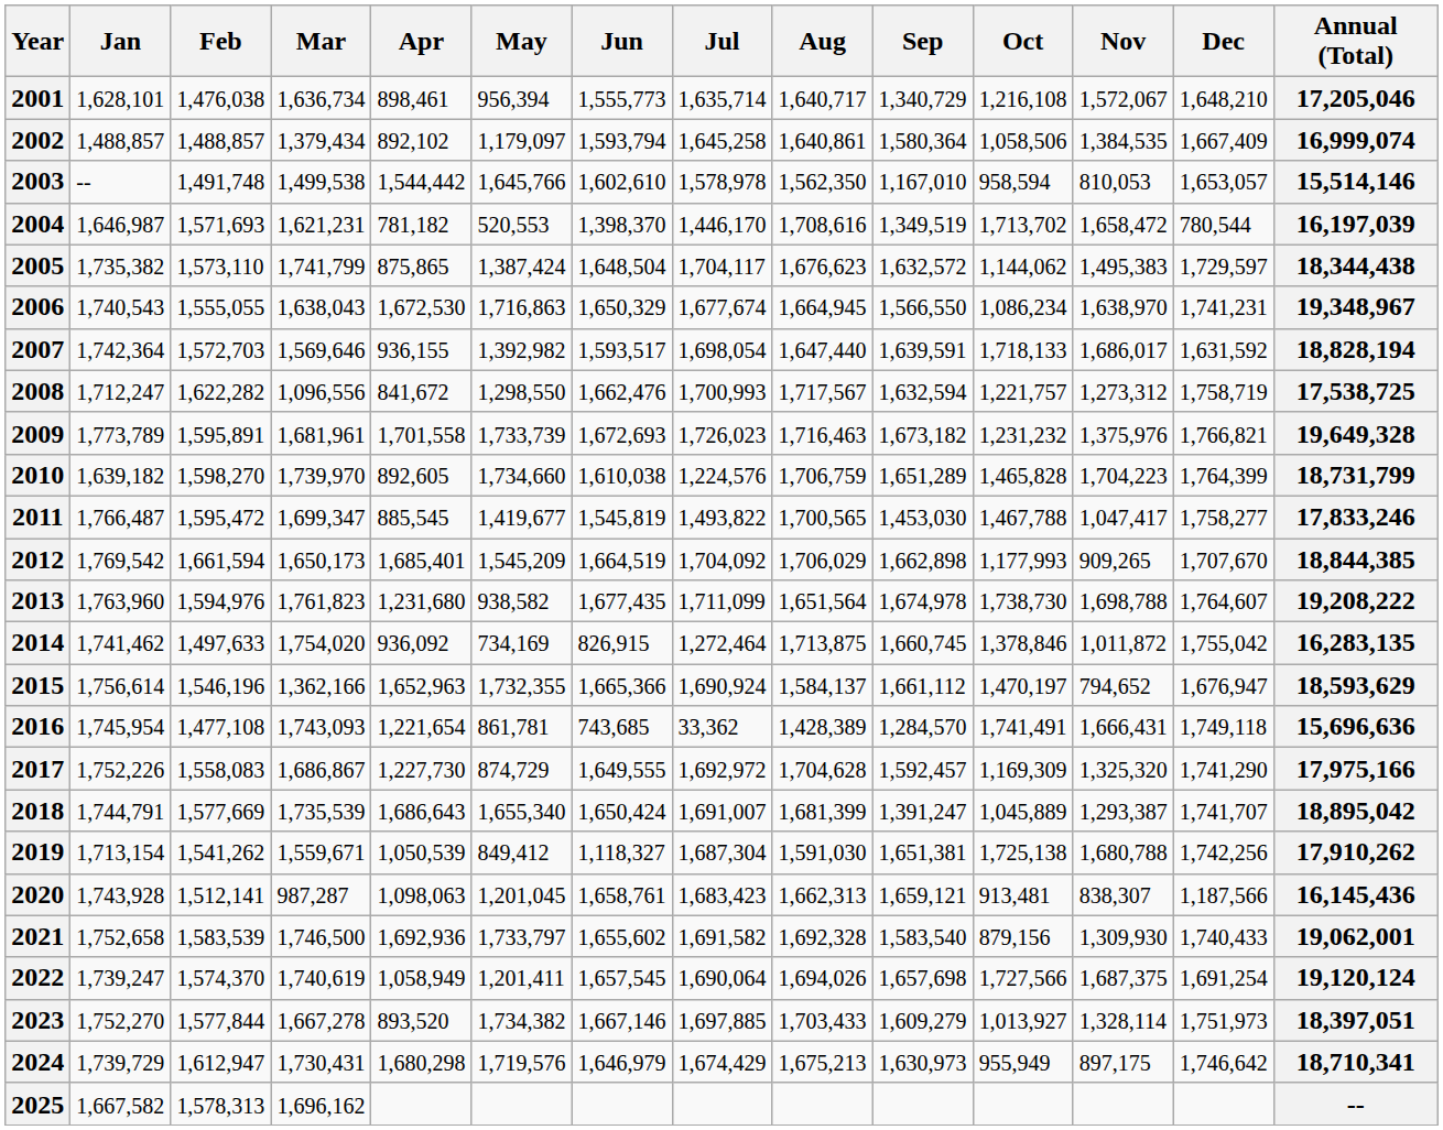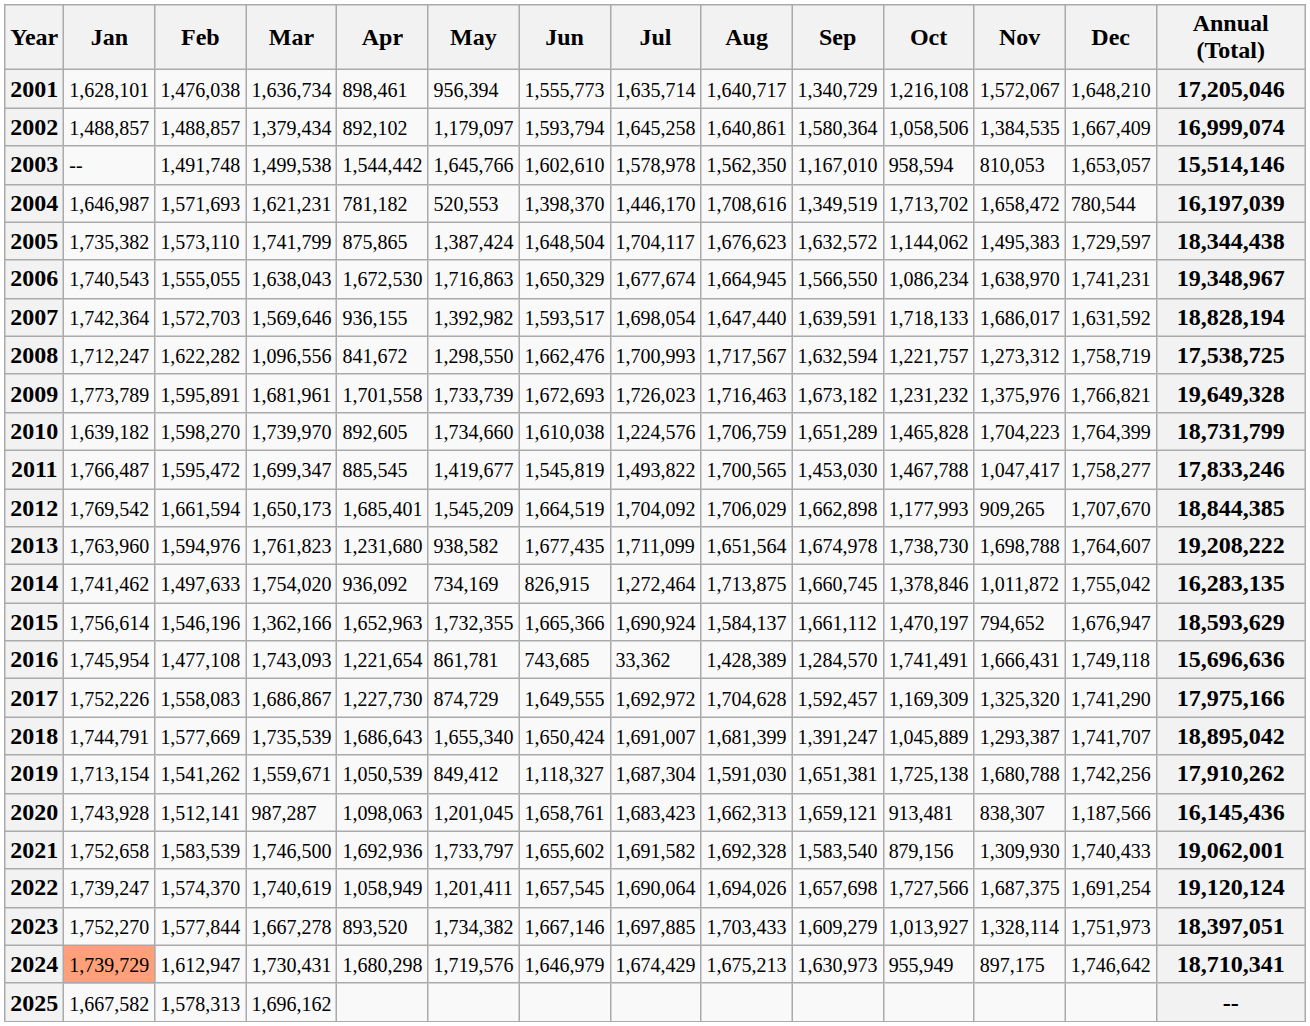 <table class="wikitable">
 <tr>
 <th>Year</th>
 <th>Jan</th>
 <th>Feb</th>
 <th>Mar</th>
 <th>Apr</th>
 <th>May</th>
 <th>Jun</th>
 <th>Jul</th>
 <th>Aug</th>
 <th>Sep</th>
 <th>Oct</th>
 <th>Nov</th>
 <th>Dec</th>
 <th>Annual (Total)</th>
 </tr>
 <tr>
 <th>2001</th>
 <td><small>1,628,101</small></td>
 <td><small>1,476,038</small></td>
 <td><small>1,636,734</small></td>
 <td><small>898,461</small></td>
 <td><small>956,394</small></td>
 <td><small>1,555,773</small></td>
 <td><small>1,635,714</small></td>
 <td><small>1,640,717</small></td>
 <td><small>1,340,729</small></td>
 <td><small>1,216,108</small></td>
 <td><small>1,572,067</small></td>
 <td><small>1,648,210</small></td>
 <th>17,205,046</th>
 </tr>
 <tr>
 <th>2002</th>
 <td><small>1,488,857</small></td>
 <td><small>1,488,857</small></td>
 <td><small>1,379,434</small></td>
 <td><small>892,102</small></td>
 <td><small>1,179,097</small></td>
 <td><small>1,593,794</small></td>
 <td><small>1,645,258</small></td>
 <td><small>1,640,861</small></td>
 <td><small>1,580,364</small></td>
 <td><small>1,058,506</small></td>
 <td><small>1,384,535</small></td>
 <td><small>1,667,409</small></td>
 <th>16,999,074</th>
 </tr>
 <tr>
 <th>2003</th>
 <td><small>--</small></td>
 <td><small>1,491,748</small></td>
 <td><small>1,499,538</small></td>
 <td><small>1,544,442</small></td>
 <td><small>1,645,766</small></td>
 <td><small>1,602,610</small></td>
 <td><small>1,578,978</small></td>
 <td><small>1,562,350</small></td>
 <td><small>1,167,010</small></td>
 <td><small>958,594</small></td>
 <td><small>810,053</small></td>
 <td><small>1,653,057</small></td>
 <th>15,514,146</th>
 </tr>
 <tr>
 <th>2004</th>
 <td><small>1,646,987</small></td>
 <td><small>1,571,693</small></td>
 <td><small>1,621,231</small></td>
 <td><small>781,182</small></td>
 <td><small>520,553</small></td>
 <td><small>1,398,370</small></td>
 <td><small>1,446,170</small></td>
 <td><small>1,708,616</small></td>
 <td><small>1,349,519</small></td>
 <td><small>1,713,702</small></td>
 <td><small>1,658,472</small></td>
 <td><small>780,544</small></td>
 <th>16,197,039</th>
 </tr>
 <tr>
 <th>2005</th>
 <td><small>1,735,382</small></td>
 <td><small>1,573,110</small></td>
 <td><small>1,741,799</small></td>
 <td><small>875,865</small></td>
 <td><small>1,387,424</small></td>
 <td><small>1,648,504</small></td>
 <td><small>1,704,117</small></td>
 <td><small>1,676,623</small></td>
 <td><small>1,632,572</small></td>
 <td><small>1,144,062</small></td>
 <td><small>1,495,383</small></td>
 <td><small>1,729,597</small></td>
 <th>18,344,438</th>
 </tr>
 <tr>
 <th>2006</th>
 <td><small>1,740,543</small></td>
 <td><small>1,555,055</small></td>
 <td><small>1,638,043</small></td>
 <td><small>1,672,530</small></td>
 <td><small>1,716,863</small></td>
 <td><small>1,650,329</small></td>
 <td><small>1,677,674</small></td>
 <td><small>1,664,945</small></td>
 <td><small>1,566,550</small></td>
 <td><small>1,086,234</small></td>
 <td><small>1,638,970</small></td>
 <td><small>1,741,231</small></td>
 <th>19,348,967</th>
 </tr>
 <tr>
 <th>2007</th>
 <td><small>1,742,364</small></td>
 <td><small>1,572,703</small></td>
 <td><small>1,569,646</small></td>
 <td><small>936,155</small></td>
 <td><small>1,392,982</small></td>
 <td><small>1,593,517</small></td>
 <td><small>1,698,054</small></td>
 <td><small>1,647,440</small></td>
 <td><small>1,639,591</small></td>
 <td><small>1,718,133</small></td>
 <td><small>1,686,017</small></td>
 <td><small>1,631,592</small></td>
 <th>18,828,194</th>
 </tr>
 <tr>
 <th>2008</th>
 <td><small>1,712,247</small></td>
 <td><small>1,622,282</small></td>
 <td><small>1,096,556</small></td>
 <td><small>841,672</small></td>
 <td><small>1,298,550</small></td>
 <td><small>1,662,476</small></td>
 <td><small>1,700,993</small></td>
 <td><small>1,717,567</small></td>
 <td><small>1,632,594</small></td>
 <td><small>1,221,757</small></td>
 <td><small>1,273,312</small></td>
 <td><small>1,758,719</small></td>
 <th>17,538,725</th>
 </tr>
 <tr>
 <th>2009</th>
 <td><small>1,773,789</small></td>
 <td><small>1,595,891</small></td>
 <td><small>1,681,961</small></td>
 <td><small>1,701,558</small></td>
 <td><small>1,733,739</small></td>
 <td><small>1,672,693</small></td>
 <td><small>1,726,023</small></td>
 <td><small>1,716,463</small></td>
 <td><small>1,673,182</small></td>
 <td><small>1,231,232</small></td>
 <td><small>1,375,976</small></td>
 <td><small>1,766,821</small></td>
 <th>19,649,328</th>
 </tr>
 <tr>
 <th>2010</th>
 <td><small>1,639,182</small></td>
 <td><small>1,598,270</small></td>
 <td><small>1,739,970</small></td>
 <td><small>892,605</small></td>
 <td><small>1,734,660</small></td>
 <td><small>1,610,038</small></td>
 <td><small>1,224,576</small></td>
 <td><small>1,706,759</small></td>
 <td><small>1,651,289</small></td>
 <td><small>1,465,828</small></td>
 <td><small>1,704,223</small></td>
 <td><small>1,764,399</small></td>
 <th>18,731,799</th>
 </tr>
 <tr>
 <th>2011</th>
 <td><small>1,766,487</small></td>
 <td><small>1,595,472</small></td>
 <td><small>1,699,347</small></td>
 <td><small>885,545</small></td>
 <td><small>1,419,677</small></td>
 <td><small>1,545,819</small></td>
 <td><small>1,493,822</small></td>
 <td><small>1,700,565</small></td>
 <td><small>1,453,030</small></td>
 <td><small>1,467,788</small></td>
 <td><small>1,047,417</small></td>
 <td><small>1,758,277</small></td>
 <th>17,833,246</th>
 </tr>
 <tr>
 <th>2012</th>
 <td><small>1,769,542</small></td>
 <td><small>1,661,594</small></td>
 <td><small>1,650,173</small></td>
 <td><small>1,685,401</small></td>
 <td><small>1,545,209</small></td>
 <td><small>1,664,519</small></td>
 <td><small>1,704,092</small></td>
 <td><small>1,706,029</small></td>
 <td><small>1,662,898</small></td>
 <td><small>1,177,993</small></td>
 <td><small>909,265</small></td>
 <td><small>1,707,670</small></td>
 <th>18,844,385</th>
 </tr>
 <tr>
 <th>2013</th>
 <td><small>1,763,960</small></td>
 <td><small>1,594,976</small></td>
 <td><small>1,761,823</small></td>
 <td><small>1,231,680</small></td>
 <td><small>938,582</small></td>
 <td><small>1,677,435</small></td>
 <td><small>1,711,099</small></td>
 <td><small>1,651,564</small></td>
 <td><small>1,674,978</small></td>
 <td><small>1,738,730</small></td>
 <td><small>1,698,788</small></td>
 <td><small>1,764,607</small></td>
 <th>19,208,222</th>
 </tr>
 <tr>
 <th>2014</th>
 <td><small>1,741,462</small></td>
 <td><small>1,497,633</small></td>
 <td><small>1,754,020</small></td>
 <td><small>936,092</small></td>
 <td><small>734,169</small></td>
 <td><small>826,915</small></td>
 <td><small>1,272,464</small></td>
 <td><small>1,713,875</small></td>
 <td><small>1,660,745</small></td>
 <td><small>1,378,846</small></td>
 <td><small>1,011,872</small></td>
 <td><small>1,755,042</small></td>
 <th>16,283,135</th>
 </tr>
 <tr>
 <th>2015</th>
 <td><small>1,756,614</small></td>
 <td><small>1,546,196</small></td>
 <td><small>1,362,166</small></td>
 <td><small>1,652,963</small></td>
 <td><small>1,732,355</small></td>
 <td><small>1,665,366</small></td>
 <td><small>1,690,924</small></td>
 <td><small>1,584,137</small></td>
 <td><small>1,661,112</small></td>
 <td><small>1,470,197</small></td>
 <td><small>794,652</small></td>
 <td><small>1,676,947</small></td>
 <th>18,593,629</th>
 </tr>
 <tr>
 <th>2016</th>
 <td><small>1,745,954</small></td>
 <td><small>1,477,108</small></td>
 <td><small>1,743,093</small></td>
 <td><small>1,221,654</small></td>
 <td><small>861,781</small></td>
 <td><small>743,685</small></td>
 <td><small>33,362</small></td>
 <td><small>1,428,389</small></td>
 <td><small>1,284,570</small></td>
 <td><small>1,741,491</small></td>
 <td><small>1,666,431</small></td>
 <td><small>1,749,118</small></td>
 <th>15,696,636</th>
 </tr>
 <tr>
 <th>2017</th>
 <td><small>1,752,226</small></td>
 <td><small>1,558,083</small></td>
 <td><small>1,686,867</small></td>
 <td><small>1,227,730</small></td>
 <td><small>874,729</small></td>
 <td><small>1,649,555</small></td>
 <td><small>1,692,972</small></td>
 <td><small>1,704,628</small></td>
 <td><small>1,592,457</small></td>
 <td><small>1,169,309</small></td>
 <td><small>1,325,320</small></td>
 <td><small>1,741,290</small></td>
 <th>17,975,166</th>
 </tr>
 <tr>
 <th>2018</th>
 <td><small>1,744,791</small></td>
 <td><small>1,577,669</small></td>
 <td><small>1,735,539</small></td>
 <td><small>1,686,643</small></td>
 <td><small>1,655,340</small></td>
 <td><small>1,650,424</small></td>
 <td><small>1,691,007</small></td>
 <td><small>1,681,399</small></td>
 <td><small>1,391,247</small></td>
 <td><small>1,045,889</small></td>
 <td><small>1,293,387</small></td>
 <td><small>1,741,707</small></td>
 <th>18,895,042</th>
 </tr>
 <tr>
 <th>2019</th>
 <td><small>1,713,154</small></td>
 <td><small>1,541,262</small></td>
 <td><small>1,559,671</small></td>
 <td><small>1,050,539</small></td>
 <td><small>849,412</small></td>
 <td><small>1,118,327</small></td>
 <td><small>1,687,304</small></td>
 <td><small>1,591,030</small></td>
 <td><small>1,651,381</small></td>
 <td><small>1,725,138</small></td>
 <td><small>1,680,788</small></td>
 <td><small>1,742,256</small></td>
 <th>17,910,262</th>
 </tr>
 <tr>
 <th>2020</th>
 <td><small>1,743,928</small></td>
 <td><small>1,512,141</small></td>
 <td><small>987,287</small></td>
 <td><small>1,098,063</small></td>
 <td><small>1,201,045</small></td>
 <td><small>1,658,761</small></td>
 <td><small>1,683,423</small></td>
 <td><small>1,662,313</small></td>
 <td><small>1,659,121</small></td>
 <td><small>913,481</small></td>
 <td><small>838,307</small></td>
 <td><small>1,187,566</small></td>
 <th>16,145,436</th>
 </tr>
 <tr>
 <th>2021</th>
 <td><small>1,752,658</small></td>
 <td><small>1,583,539</small></td>
 <td><small>1,746,500</small></td>
 <td><small>1,692,936</small></td>
 <td><small>1,733,797</small></td>
 <td><small>1,655,602</small></td>
 <td><small>1,691,582</small></td>
 <td><small>1,692,328</small></td>
 <td><small>1,583,540</small></td>
 <td><small>879,156</small></td>
 <td><small>1,309,930</small></td>
 <td><small>1,740,433</small></td>
 <th>19,062,001</th>
 </tr>
 <tr>
 <th>2022</th>
 <td><small>1,739,247</small></td>
 <td><small>1,574,370</small></td>
 <td><small>1,740,619</small></td>
 <td><small>1,058,949</small></td>
 <td><small>1,201,411</small></td>
 <td><small>1,657,545</small></td>
 <td><small>1,690,064</small></td>
 <td><small>1,694,026</small></td>
 <td><small>1,657,698</small></td>
 <td><small>1,727,566</small></td>
 <td><small>1,687,375</small></td>
 <td><small>1,691,254</small></td>
 <th>19,120,124</th>
 </tr>
 <tr>
 <th>2023</th>
 <td><small>1,752,270</small></td>
 <td><small>1,577,844</small></td>
 <td><small>1,667,278</small></td>
 <td><small>893,520</small></td>
 <td><small>1,734,382</small></td>
 <td><small>1,667,146</small></td>
 <td><small>1,697,885</small></td>
 <td><small>1,703,433</small></td>
 <td><small>1,609,279</small></td>
 <td><small>1,013,927</small></td>
 <td><small>1,328,114</small></td>
 <td><small>1,751,973</small></td>
 <th>18,397,051</th>
 </tr>
 <tr>
 <th>2024</th>
-<td><small>1,739,729</small></td>
+<td style="background: lightsalmon;"><small>1,739,729</small></td>
 <td><small>1,612,947</small></td>
 <td><small>1,730,431</small></td>
 <td><small>1,680,298</small></td>
 <td><small>1,719,576</small></td>
 <td><small>1,646,979</small></td>
 <td><small>1,674,429</small></td>
 <td><small>1,675,213</small></td>
 <td><small>1,630,973</small></td>
 <td><small>955,949</small></td>
 <td><small>897,175</small></td>
 <td><small>1,746,642</small></td>
 <th>18,710,341</th>
 </tr>
 <tr>
 <th>2025</th>
 <td><small>1,667,582</small></td>
 <td><small>1,578,313</small></td>
 <td><small>1,696,162</small></td>
 <td><small></small></td>
 <td><small></small></td>
 <td><small></small></td>
 <td><small></small></td>
 <td><small></small></td>
 <td><small></small></td>
 <td><small></small></td>
 <td><small></small></td>
 <td><small></small></td>
 <th>--</th>
 </tr>
 <tr>
 </tr>
 </table>
